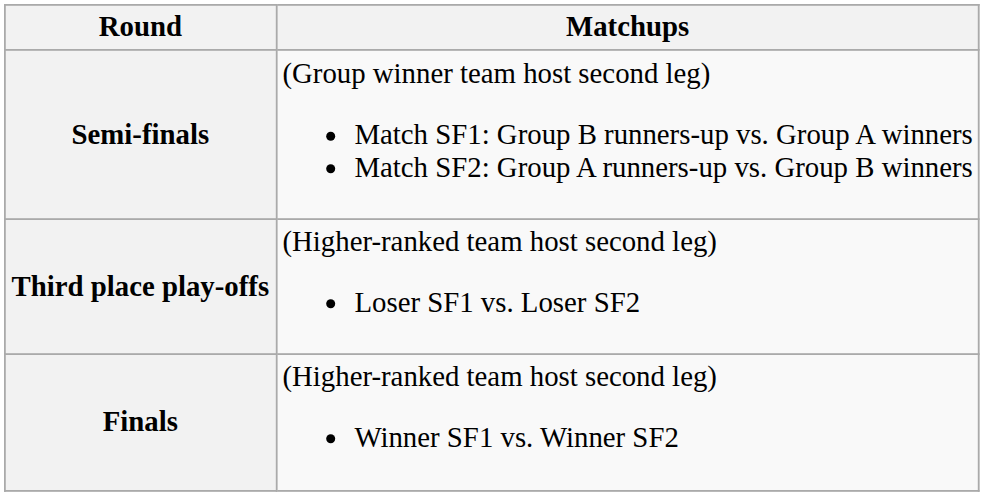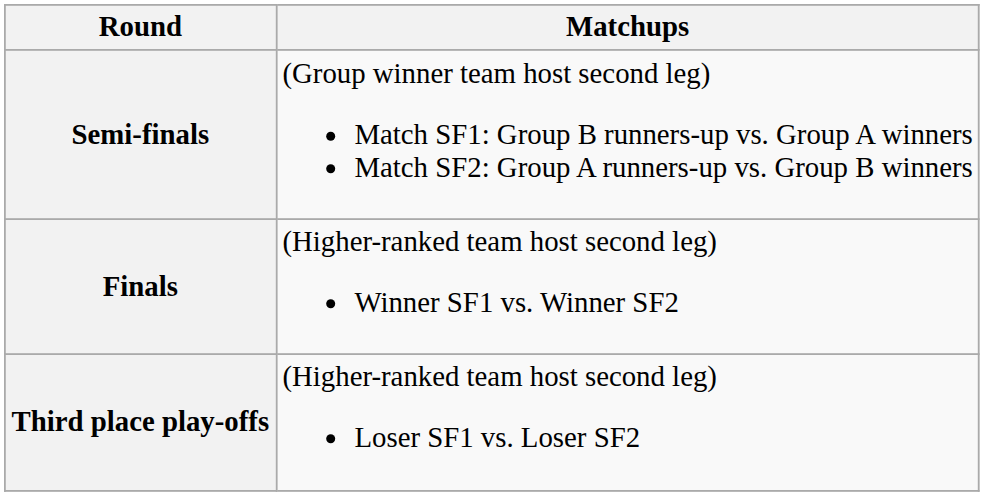 <table class=wikitable>
 <tr>
 <th>Round</th>
 <th>Matchups</th>
 </tr>
 <tr>
 <th>Semi-finals</th>
 <td>(Group winner team host second leg)<br> <ul><li>Match SF1: Group B runners-up vs. Group A winners</li><li>Match SF2: Group A runners-up vs. Group B winners</li></ul></td>
 </tr>
 <tr>
+<th>Finals</th>
+<td>(Higher-ranked team host second leg)<br><ul><li>Winner SF1 vs. Winner SF2</li></ul></td>
+</tr>
+<tr>
 <th>Third place play-offs</th>
 <td>(Higher-ranked team host second leg)<br><ul><li>Loser SF1 vs. Loser SF2</li></ul></td>
 </tr>
-<tr>
-<th>Finals</th>
-<td>(Higher-ranked team host second leg)<br><ul><li>Winner SF1 vs. Winner SF2</li></ul></td>
-</tr>
 </table>
